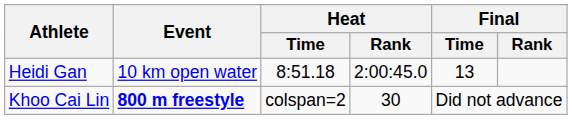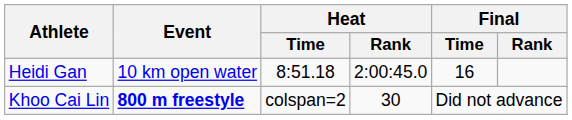 <table class=wikitable style="font-size:90%">
 <tr>
 <th rowspan="2">Athlete</th>
 <th rowspan="2">Event</th>
 <th colspan="2">Heat</th>
 <th colspan="2">Final</th>
 </tr>
 <tr style="font-size:95%">
 <th>Time</th>
 <th>Rank</th>
 <th>Time</th>
 <th>Rank</th>
 </tr>
 <tr align=center>
 <td align=left><a href='#'>Heidi Gan</a></td>
 <td align=left><a href='#'>10 km open water</a></td>
 <td>8:51.18</td>
 <td>2:00:45.0</td>
-<td>13</td>
+<td>16</td>
 </tr>
 <tr align=center>
 <td align=left><a href='#'>Khoo Cai Lin</a></td>
 <td align=left><strong><a href='#'>800 m freestyle</a></strong></td>
 <td>colspan=2 </td>
 <td>30</td>
 <td colspan=2>Did not advance</td>
 </tr>
 </table>
